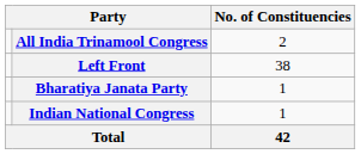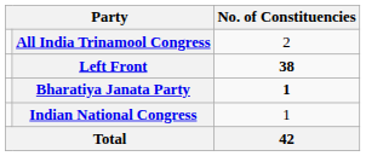 <table class="wikitable" style="text-align:center">
 <tr>
 <th colspan=2>Party</th>
 <th>No. of Constituencies</th>
 </tr>
 <tr>
 <td></td>
 <th><a href='#'>All India Trinamool Congress</a></th>
 <td>2</td>
 </tr>
 <tr>
 <td></td>
 <th><a href='#'>Left Front</a></th>
-<td>38</td>
+<td><strong>38</strong></td>
 </tr>
 <tr>
 <td></td>
 <th><a href='#'>Bharatiya Janata Party</a></th>
-<td>1</td>
+<td><strong>1</strong></td>
 </tr>
 <tr>
 <td></td>
 <th><a href='#'>Indian National Congress</a></th>
 <td>1</td>
 </tr>
 <tr>
 <th colspan=2>Total</th>
 <th colspan=2>42</th>
 </tr>
 </table>
